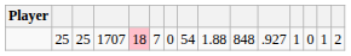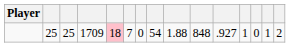 <table class="wikitable sortable" style="text-align:center;">
 <tr>
 <th>Player</th>
 <th></th>
 <th></th>
 <th></th>
 <th></th>
 <th></th>
 <th></th>
 <th></th>
 <th></th>
 <th></th>
 <th></th>
 <th></th>
 <th></th>
 <th></th>
 <th></th>
 </tr>
 <tr>
 <td></td>
 <td>25</td>
 <td>25</td>
-<td>1707</td>
+<td>1709</td>
 <td style="background: pink;">18</td>
 <td>7</td>
 <td>0</td>
 <td>54</td>
 <td>1.88</td>
 <td>848</td>
 <td>.927</td>
 <td>1</td>
 <td>0</td>
 <td>1</td>
 <td>2</td>
 </tr>
 </table>
